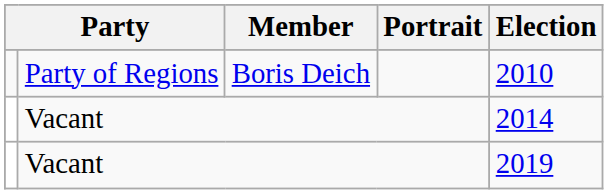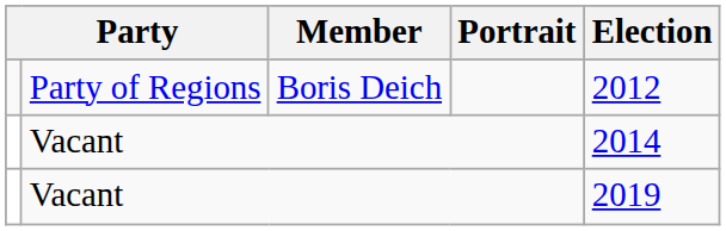 <table class="wikitable">
 <tr>
 <th colspan="2">Party</th>
 <th>Member</th>
 <th>Portrait</th>
 <th>Election</th>
 </tr>
 <tr>
 <td style="background-color: "></td>
 <td><a href='#'>Party of Regions</a></td>
 <td><a href='#'>Boris Deich</a></td>
 <td></td>
-<td><a href='#'>2010</a></td>
+<td><a href='#'>2012</a></td>
 </tr>
 <tr>
 <td style="background-color: white"></td>
 <td colspan=3>Vacant</td>
 <td><a href='#'>2014</a></td>
 </tr>
 <tr>
 <td style="background-color: white"></td>
 <td colspan=3>Vacant</td>
 <td><a href='#'>2019</a></td>
 </tr>
 </table>
